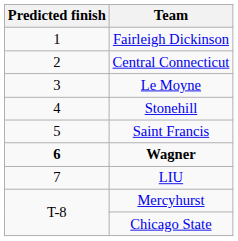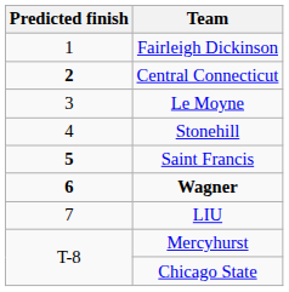 <table class="wikitable" border="1">
 <tr align=center>
 <th style= >Predicted finish</th>
 <th style= >Team</th>
 </tr>
 <tr align="center">
 <td>1</td>
 <td><a href='#'>Fairleigh Dickinson</a></td>
 </tr>
 <tr align="center">
-<td>2</td>
+<td><strong>2</strong></td>
 <td><a href='#'>Central Connecticut</a></td>
 </tr>
 <tr align="center">
 <td>3</td>
 <td><a href='#'>Le Moyne</a></td>
 </tr>
 <tr align="center">
 <td>4</td>
 <td><a href='#'>Stonehill</a></td>
 </tr>
 <tr align="center">
-<td>5</td>
+<td><strong>5</strong></td>
 <td><a href='#'>Saint Francis</a></td>
 </tr>
 <tr align="center">
 <td><strong>6</strong></td>
 <td><strong>Wagner</strong></td>
 </tr>
 <tr align="center">
 <td>7</td>
 <td><a href='#'>LIU</a></td>
 </tr>
 <tr align="center">
 <td rowspan=2>T-8</td>
 <td><a href='#'>Mercyhurst</a></td>
 </tr>
 <tr align="center">
 <td><a href='#'>Chicago State</a></td>
 </tr>
 </table>
